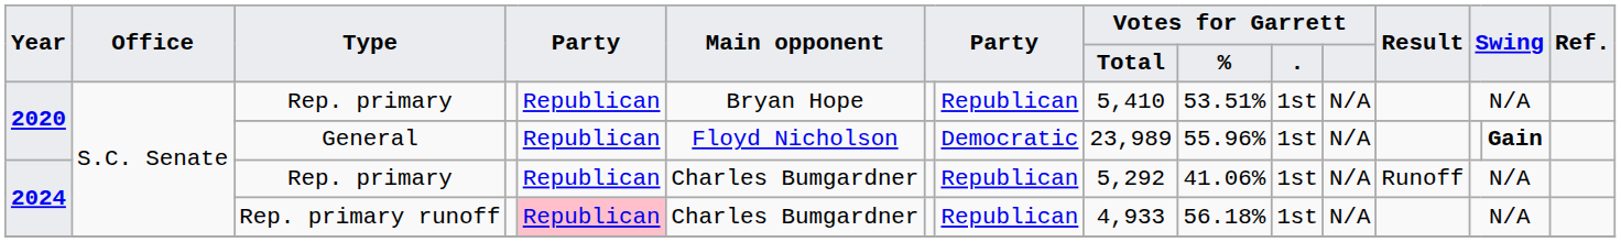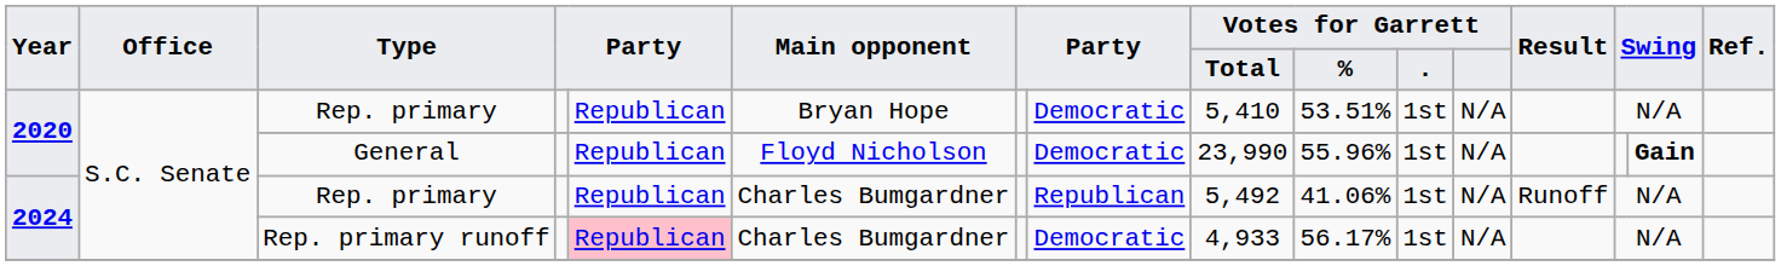 <table class="wikitable" style="font-size: 90%; text-align:center;">
 <tr>
 <th style="background-color:#EAECF0;" rowspan=2>Year</th>
 <th style="background-color:#EAECF0;" rowspan=2>Office</th>
 <th style="background-color:#EAECF0;" rowspan=2>Type</th>
 <th style="background-color:#EAECF0;" colspan=2 rowspan=2>Party</th>
 <th style="background-color:#EAECF0;" rowspan=2>Main opponent</th>
 <th style="background-color:#EAECF0;" colspan=2 rowspan=2>Party</th>
 <th style="background-color:#EAECF0;" colspan=4>Votes for Garrett</th>
 <th style="background-color:#EAECF0;" rowspan=2>Result</th>
 <th style="background-color:#EAECF0;" colspan=2 rowspan=2><a href='#'>Swing</a></th>
 <th style="background-color:#EAECF0;" colspan=2 rowspan=2>Ref.</th>
 </tr>
 <tr>
 <th style="background-color:#EAECF0;">Total</th>
 <th style="background-color:#EAECF0;">%</th>
 <th style="background-color:#EAECF0;">.</th>
 <th style="background-color:#EAECF0;"></th>
 </tr>
 <tr>
 <th rowspan=2 style="background-color:#EAECF0;"><a href='#'>2020</a></th>
 <td rowspan=4>S.C. Senate</td>
 <td>Rep. primary</td>
 <td style="background-color:"></td>
 <td><a href='#'>Republican</a></td>
 <td>Bryan Hope</td>
 <td style="background-color:"></td>
-<td><a href='#'>Republican</a></td>
+<td><a href='#'>Democratic</a></td>
 <td>5,410</td>
 <td>53.51%</td>
 <td>1st</td>
 <td>N/A</td>
 <td></td>
 <td colspan=2>N/A</td>
 <td></td>
 </tr>
 <tr>
 <td>General</td>
 <td style="background-color:"></td>
 <td><a href='#'>Republican</a></td>
 <td><a href='#'>Floyd Nicholson</a></td>
 <td style="background-color:"></td>
 <td><a href='#'>Democratic</a></td>
-<td>23,989</td>
+<td>23,990</td>
 <td>55.96%</td>
 <td>1st</td>
 <td>N/A</td>
 <td></td>
 <td style="background-color:"></td>
 <td><strong>Gain</strong></td>
 <td></td>
 </tr>
 <tr>
 <th rowspan=2 style="background-color:#EAECF0;"><a href='#'>2024</a></th>
 <td>Rep. primary</td>
 <td style="background-color:"></td>
 <td><a href='#'>Republican</a></td>
 <td>Charles Bumgardner</td>
 <td style="background-color:"></td>
 <td><a href='#'>Republican</a></td>
-<td>5,292</td>
+<td>5,492</td>
 <td>41.06%</td>
 <td>1st</td>
 <td>N/A</td>
 <td>Runoff</td>
 <td colspan=2>N/A</td>
 <td></td>
 </tr>
 <tr>
 <td>Rep. primary runoff</td>
 <td style="background-color:"></td>
 <td style="background: pink;"><a href='#'>Republican</a></td>
 <td>Charles Bumgardner</td>
 <td style="background-color:"></td>
-<td><a href='#'>Republican</a></td>
+<td><a href='#'>Democratic</a></td>
 <td>4,933</td>
-<td>56.18%</td>
+<td>56.17%</td>
 <td>1st</td>
 <td>N/A</td>
 <td></td>
 <td colspan=2>N/A</td>
 <td></td>
 </tr>
 <tr>
 </tr>
 </table>
